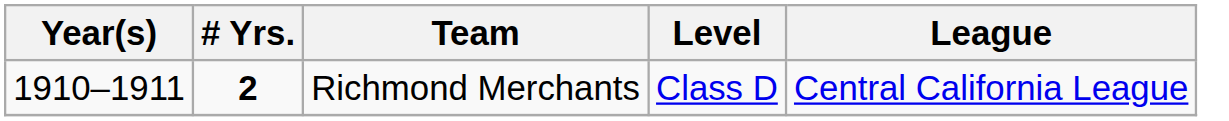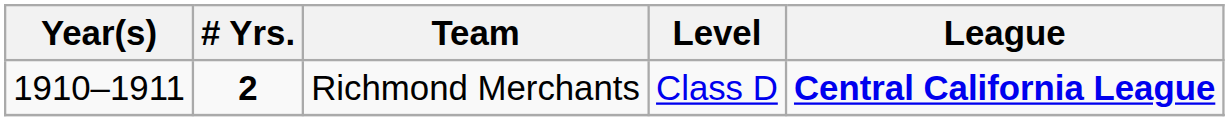 <table class="wikitable" style="text-align:center; font-size: 95%;">
 <tr>
 <th>Year(s)</th>
 <th># Yrs.</th>
 <th>Team</th>
 <th>Level</th>
 <th>League</th>
 </tr>
 <tr>
 <td>1910–1911</td>
 <td><strong>2</strong></td>
 <td>Richmond Merchants</td>
 <td><a href='#'>Class D</a></td>
-<td><a href='#'>Central California League</a></td>
+<td><strong><a href='#'>Central California League</a></strong></td>
 </tr>
 <tr>
 </tr>
 </table>
